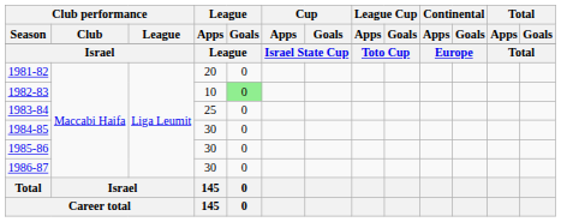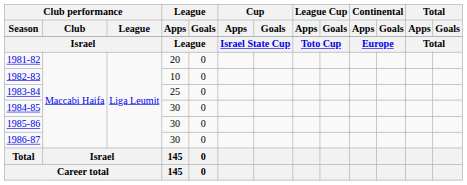 <table class="wikitable" style="text-align:center">
 <tr>
 <th colspan=3>Club performance</th>
 <th colspan=2>League</th>
 <th colspan=2>Cup</th>
 <th colspan=2>League Cup</th>
 <th colspan=2>Continental</th>
 <th colspan=2>Total</th>
 </tr>
 <tr>
 <th>Season</th>
 <th>Club</th>
 <th>League</th>
 <th>Apps</th>
 <th>Goals</th>
 <th>Apps</th>
 <th>Goals</th>
 <th>Apps</th>
 <th>Goals</th>
 <th>Apps</th>
 <th>Goals</th>
 <th>Apps</th>
 <th>Goals</th>
 </tr>
 <tr>
 </tr>
 <tr>
 <th colspan=3>Israel</th>
 <th colspan=2>League</th>
 <th colspan=2><a href='#'>Israel State Cup</a></th>
 <th colspan=2><a href='#'>Toto Cup</a></th>
 <th colspan=2><a href='#'>Europe</a></th>
 <th colspan=2>Total</th>
 </tr>
 <tr>
 <td><a href='#'>1981-82</a></td>
 <td rowspan="6"><a href='#'>Maccabi Haifa</a></td>
 <td rowspan="6"><a href='#'>Liga Leumit</a></td>
 <td>20</td>
 <td>0</td>
 <td></td>
 <td></td>
 <td></td>
 <td></td>
 <td></td>
 <td></td>
 <td></td>
 <td></td>
 </tr>
 <tr>
 <td><a href='#'>1982-83</a></td>
 <td>10</td>
-<td style="background: lightgreen;">0</td>
+<td>0</td>
 <td></td>
 <td></td>
 <td></td>
 <td></td>
 <td></td>
 <td></td>
 <td></td>
 <td></td>
 </tr>
 <tr>
 <td><a href='#'>1983-84</a></td>
 <td>25</td>
 <td>0</td>
 <td></td>
 <td></td>
 <td></td>
 <td></td>
 <td></td>
 <td></td>
 <td></td>
 <td></td>
 </tr>
 <tr>
 <td><a href='#'>1984-85</a></td>
 <td>30</td>
 <td>0</td>
 <td></td>
 <td></td>
 <td></td>
 <td></td>
 <td></td>
 <td></td>
 <td></td>
 <td></td>
 </tr>
 <tr>
 <td><a href='#'>1985-86</a></td>
 <td>30</td>
 <td>0</td>
 <td></td>
 <td></td>
 <td></td>
 <td></td>
 <td></td>
 <td></td>
 <td></td>
 <td></td>
 </tr>
 <tr>
 <td><a href='#'>1986-87</a></td>
 <td>30</td>
 <td>0</td>
 <td></td>
 <td></td>
 <td></td>
 <td></td>
 <td></td>
 <td></td>
 <td></td>
 <td></td>
 </tr>
 <tr>
 <th rowspan=1>Total</th>
 <th colspan=2>Israel</th>
 <th>145</th>
 <th>0</th>
 <th></th>
 <th></th>
 <th></th>
 <th></th>
 <th></th>
 <th></th>
 <th></th>
 <th></th>
 </tr>
 <tr>
 <th colspan=3>Career total</th>
 <th>145</th>
 <th>0</th>
 <th></th>
 <th></th>
 <th></th>
 <th></th>
 <th></th>
 <th></th>
 <th></th>
 <th></th>
 </tr>
 </table>
